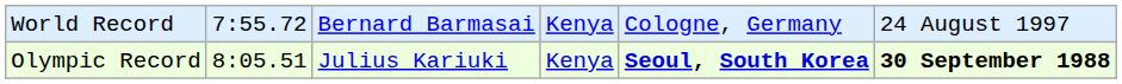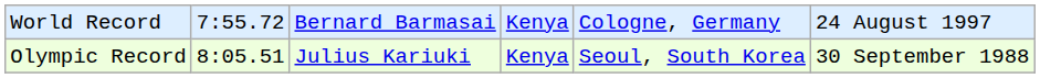 <table class="wikitable">
 <tr bgcolor = "ddeeff">
 <td>World Record</td>
 <td>7:55.72</td>
 <td><a href='#'>Bernard Barmasai</a></td>
 <td><a href='#'>Kenya</a></td>
 <td><a href='#'>Cologne</a>, <a href='#'>Germany</a></td>
 <td>24 August 1997</td>
 </tr>
 <tr bgcolor = "eeffdd">
 <td>Olympic Record</td>
 <td>8:05.51</td>
 <td><a href='#'>Julius Kariuki</a></td>
 <td><a href='#'>Kenya</a></td>
-<td><strong><a href='#'>Seoul</a>, <a href='#'>South Korea</a></strong></td>
-<td><strong>30 September 1988</strong></td>
+<td><a href='#'>Seoul</a>, <a href='#'>South Korea</a></td>
+<td>30 September 1988</td>
 </tr>
 </table>
